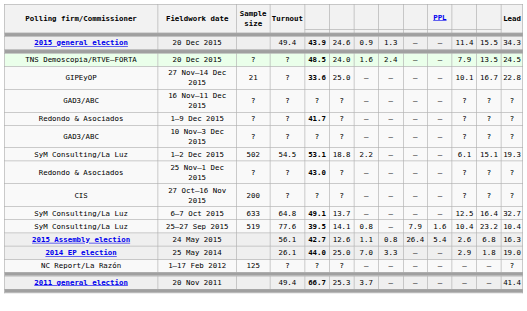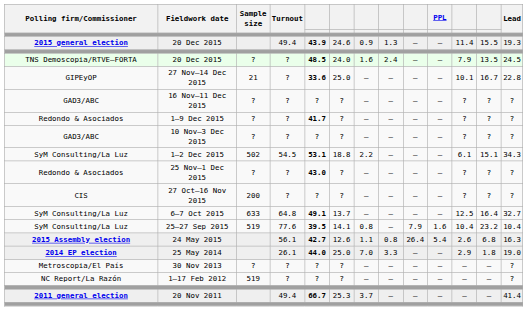 <table class="wikitable collapsible collapsed" style="text-align:center; font-size:95%; line-height:16px;">
 <tr style="height:42px; background-color:#E9E9E9">
 <th style="width:250px;" rowspan="2">Polling firm/Commissioner</th>
 <th style="width:125px;" rowspan="2">Fieldwork date</th>
 <th style="width:50px;" rowspan="2">Sample size</th>
 <th style="width:45px;" rowspan="2">Turnout</th>
 <th style="width:35px;"></th>
 <th style="width:35px;"></th>
 <th style="width:35px;"></th>
 <th style="width:35px;"></th>
 <th style="width:35px;"></th>
 <th style="width:35px;"><a href='#'>PPL</a></th>
 <th style="width:35px;"></th>
 <th style="width:35px;"></th>
 <th style="width:30px;" rowspan="2">Lead</th>
 </tr>
 <tr>
 <th style="color:inherit;background:"></th>
 <th style="color:inherit;background:"></th>
 <th style="color:inherit;background:"></th>
 <th style="color:inherit;background:"></th>
 <th style="color:inherit;background:"></th>
 <th style="color:inherit;background:"></th>
 <th style="color:inherit;background:"></th>
 <th style="color:inherit;background:"></th>
 </tr>
 <tr>
 <td colspan="13" style="background:#A0A0A0"></td>
 </tr>
 <tr style="background:#EFEFEF;">
 <td><strong><a href='#'>2015 general election</a></strong></td>
 <td>20 Dec 2015</td>
 <td></td>
 <td>49.4</td>
 <td><strong>43.9</strong><br></td>
 <td>24.6<br></td>
 <td>0.9<br></td>
 <td>1.3<br></td>
 <td>–</td>
 <td>–</td>
 <td>11.4<br></td>
 <td>15.5<br></td>
-<td style="background:">34.3</td>
+<td style="background:">19.3</td>
 </tr>
 <tr>
 <td colspan="13" style="background:#A0A0A0"></td>
 </tr>
 <tr style="background:#EAFFEA;">
 <td>TNS Demoscopia/RTVE–FORTA</td>
 <td>20 Dec 2015</td>
 <td>?</td>
 <td>?</td>
 <td><strong>48.5</strong><br></td>
 <td>24.0<br></td>
 <td>1.6<br></td>
 <td>2.4<br></td>
 <td>–</td>
 <td>–</td>
 <td>7.9<br></td>
 <td>13.5<br></td>
 <td style="background:">24.5</td>
 </tr>
 <tr>
 <td>GIPEyOP</td>
 <td>27 Nov–14 Dec 2015</td>
 <td>21</td>
 <td>?</td>
 <td><strong>33.6</strong><br></td>
 <td>25.0<br></td>
 <td>–</td>
 <td>–</td>
 <td>–</td>
 <td>–</td>
 <td>10.1<br></td>
 <td>16.7<br></td>
 <td style="background:">22.8</td>
 </tr>
 <tr>
 <td>GAD3/ABC</td>
 <td>16 Nov–11 Dec 2015</td>
 <td>?</td>
 <td>?</td>
 <td>?<br></td>
 <td>?<br></td>
 <td>–</td>
 <td>–</td>
 <td>–</td>
 <td>–</td>
 <td>?<br></td>
 <td>?<br></td>
 <td style="background:">?</td>
 </tr>
 <tr>
 <td>Redondo & Asociados</td>
 <td>1–9 Dec 2015</td>
 <td>?</td>
 <td>?</td>
 <td><strong>41.7</strong><br></td>
 <td>?<br></td>
 <td>–</td>
 <td>–</td>
 <td>–</td>
 <td>–</td>
 <td>?<br></td>
 <td>?<br></td>
 <td style="background:">?</td>
 </tr>
 <tr>
 <td>GAD3/ABC</td>
 <td>10 Nov–3 Dec 2015</td>
 <td>?</td>
 <td>?</td>
 <td>?<br></td>
 <td>?<br></td>
 <td>–</td>
 <td>–</td>
 <td>–</td>
 <td>–</td>
 <td>?<br></td>
 <td>?<br></td>
 <td style="background:">?</td>
 </tr>
 <tr>
 <td>SyM Consulting/La Luz</td>
 <td>1–2 Dec 2015</td>
 <td>502</td>
 <td>54.5</td>
 <td><strong>53.1</strong><br></td>
 <td>18.8<br></td>
 <td>2.2<br></td>
 <td>–</td>
 <td>–</td>
 <td>–</td>
 <td>6.1<br></td>
 <td>15.1<br></td>
-<td style="background:">19.3</td>
+<td style="background:">34.3</td>
 </tr>
 <tr>
 <td>Redondo & Asociados</td>
 <td>25 Nov–1 Dec 2015</td>
 <td>?</td>
 <td>?</td>
 <td><strong>43.0</strong><br></td>
 <td>?<br></td>
 <td>–</td>
 <td>–</td>
 <td>–</td>
 <td>–</td>
 <td>?<br></td>
 <td>?<br></td>
 <td style="background:">?</td>
 </tr>
 <tr>
 <td>CIS</td>
 <td>27 Oct–16 Nov 2015</td>
 <td>200</td>
 <td>?</td>
 <td>?<br></td>
 <td>?<br></td>
 <td>–</td>
 <td>–</td>
 <td>–</td>
 <td>–</td>
 <td>?<br></td>
 <td>?<br></td>
 <td style="background:">?</td>
 </tr>
 <tr>
 <td>SyM Consulting/La Luz</td>
 <td>6–7 Oct 2015</td>
 <td>633</td>
 <td>64.8</td>
 <td><strong>49.1</strong><br></td>
 <td>13.7<br></td>
 <td>–</td>
 <td>–</td>
 <td>–</td>
 <td>–</td>
 <td>12.5<br></td>
 <td>16.4<br></td>
 <td style="background:">32.7</td>
 </tr>
 <tr>
 <td>SyM Consulting/La Luz</td>
 <td>25–27 Sep 2015</td>
 <td>519</td>
 <td>77.6</td>
 <td><strong>39.5</strong><br></td>
 <td>14.1<br></td>
 <td>0.8<br></td>
 <td>–</td>
 <td>7.9<br></td>
 <td>1.6<br></td>
 <td>10.4<br></td>
 <td>23.2<br></td>
 <td style="background:">10.4</td>
 </tr>
 <tr style="background:#EFEFEF;">
 <td><strong><a href='#'>2015 Assembly election</a></strong></td>
 <td>24 May 2015</td>
 <td></td>
 <td>56.1</td>
 <td><strong>42.7</strong><br></td>
 <td>12.6<br></td>
 <td>1.1<br></td>
 <td>0.8<br></td>
 <td>26.4<br></td>
 <td>5.4<br></td>
 <td>2.6<br></td>
 <td>6.8<br></td>
 <td style="background:">16.3</td>
 </tr>
 <tr style="background:#EFEFEF;">
 <td><strong><a href='#'>2014 EP election</a></strong></td>
 <td>25 May 2014</td>
 <td></td>
 <td>26.1</td>
 <td><strong>44.0</strong><br></td>
 <td>25.0<br></td>
 <td>7.0<br></td>
 <td>3.3<br></td>
 <td>–</td>
 <td>–</td>
 <td>2.9<br></td>
 <td>1.8<br></td>
 <td style="background:">19.0</td>
 </tr>
 <tr>
+<td>Metroscopia/El País</td>
+<td>30 Nov 2013</td>
+<td>?</td>
+<td>?</td>
+<td>?<br></td>
+<td>?<br></td>
+<td>–</td>
+<td>–</td>
+<td>–</td>
+<td>–</td>
+<td>–</td>
+<td>–</td>
+<td style="background:">?</td>
+</tr>
+<tr>
 <td>NC Report/La Razón</td>
 <td>1–17 Feb 2012</td>
-<td>125</td>
+<td>519</td>
 <td>?</td>
 <td>?<br></td>
 <td>?<br></td>
 <td>–</td>
 <td>–</td>
 <td>–</td>
 <td>–</td>
 <td>–</td>
 <td>–</td>
 <td style="background:">?</td>
 </tr>
 <tr>
 <td colspan="13" style="background:#A0A0A0"></td>
 </tr>
 <tr style="background:#EFEFEF;">
 <td><strong><a href='#'>2011 general election</a></strong></td>
 <td>20 Nov 2011</td>
 <td></td>
 <td>49.4</td>
 <td><strong>66.7</strong><br></td>
 <td>25.3<br></td>
 <td>3.7<br></td>
 <td>–</td>
 <td>–</td>
 <td>–</td>
 <td>–</td>
 <td>–</td>
 <td style="background:">41.4</td>
 </tr>
 <tr>
 <td colspan="13" style="background:#A0A0A0"></td>
 </tr>
 </table>
